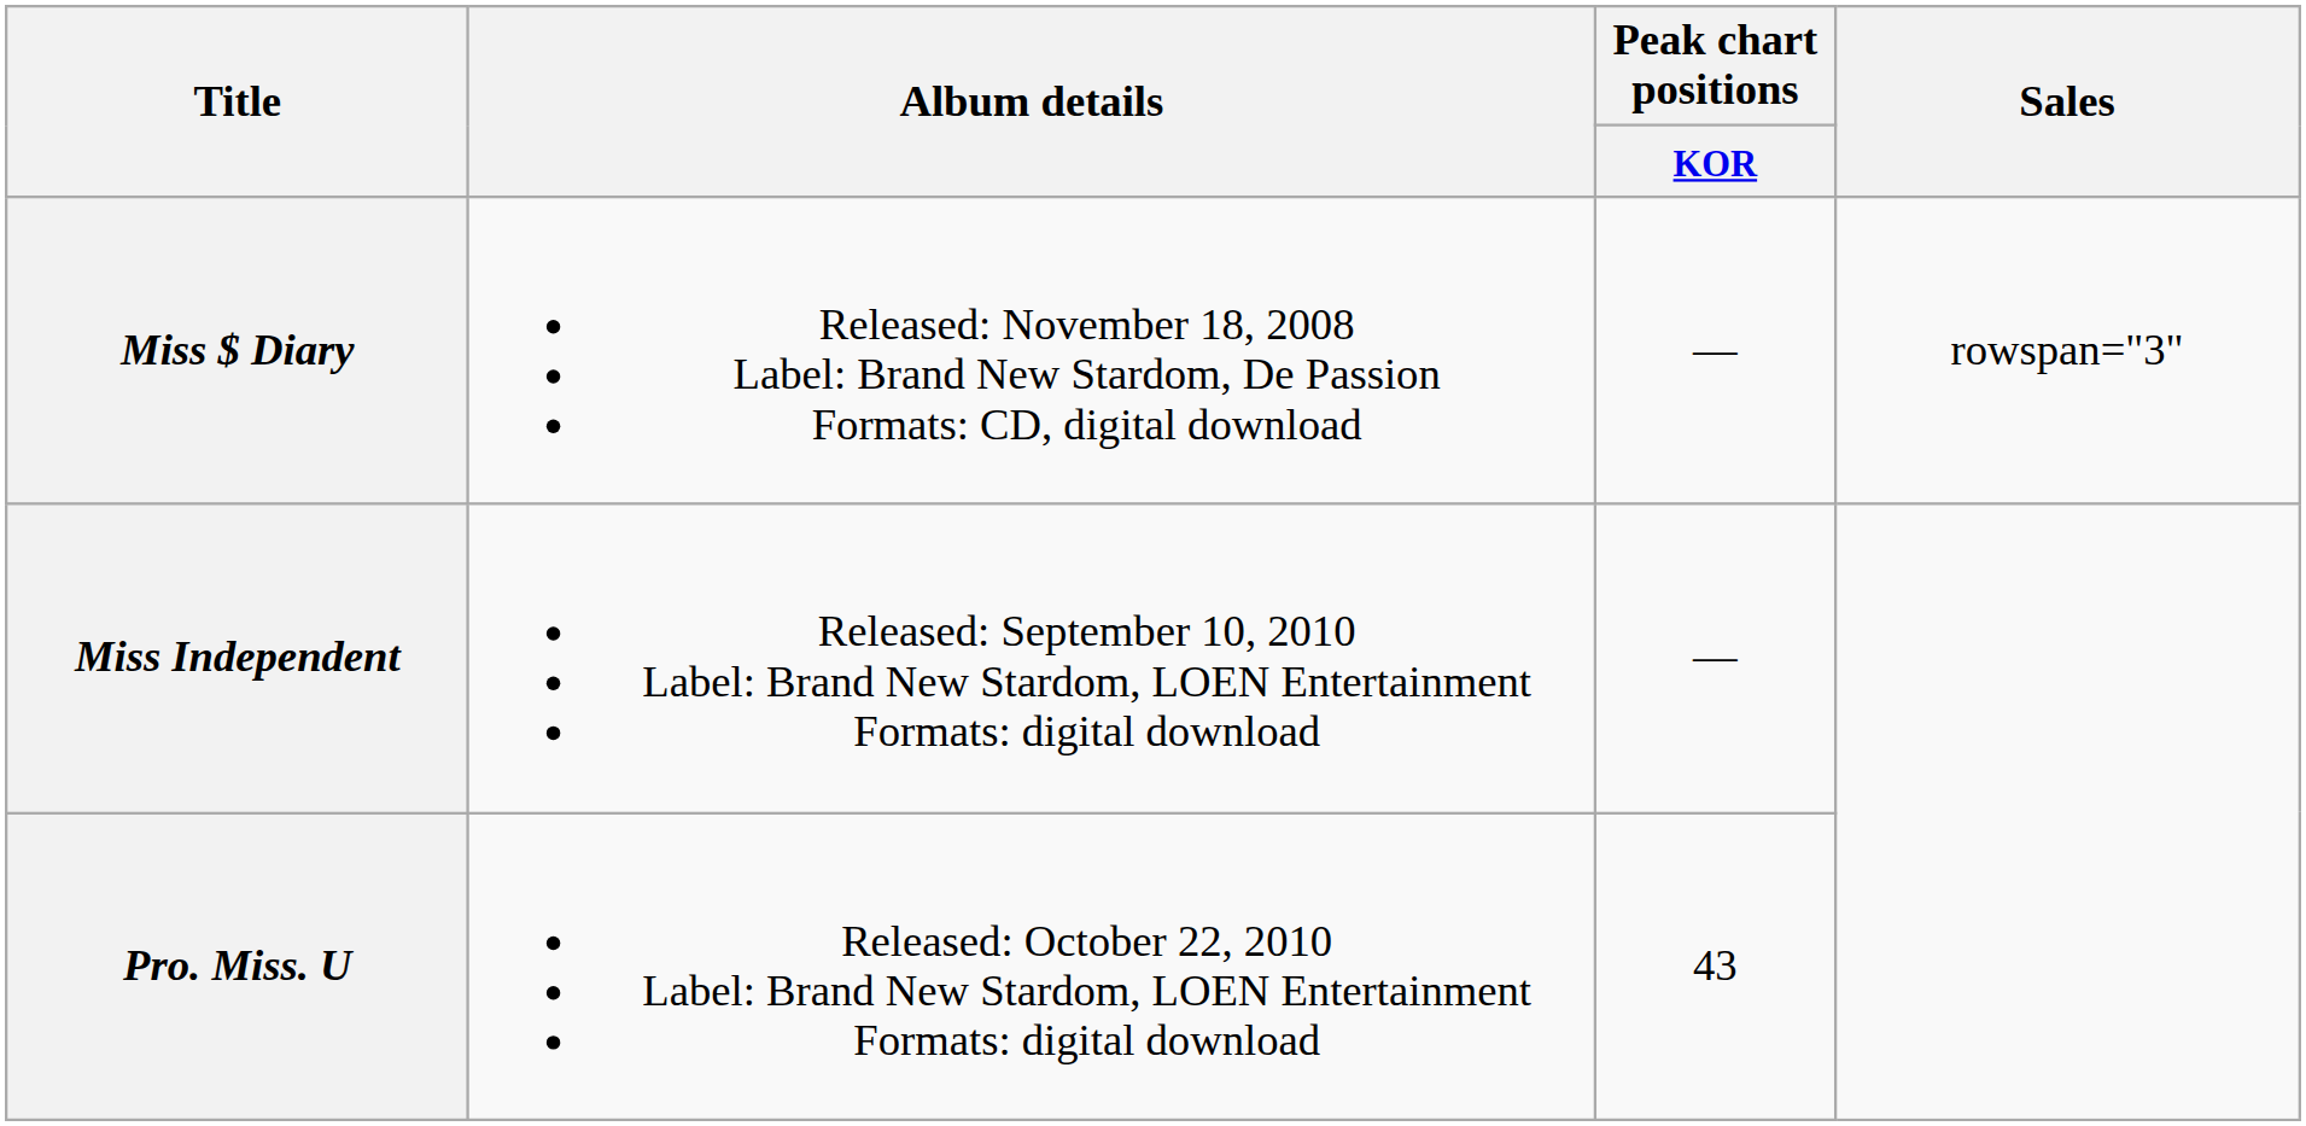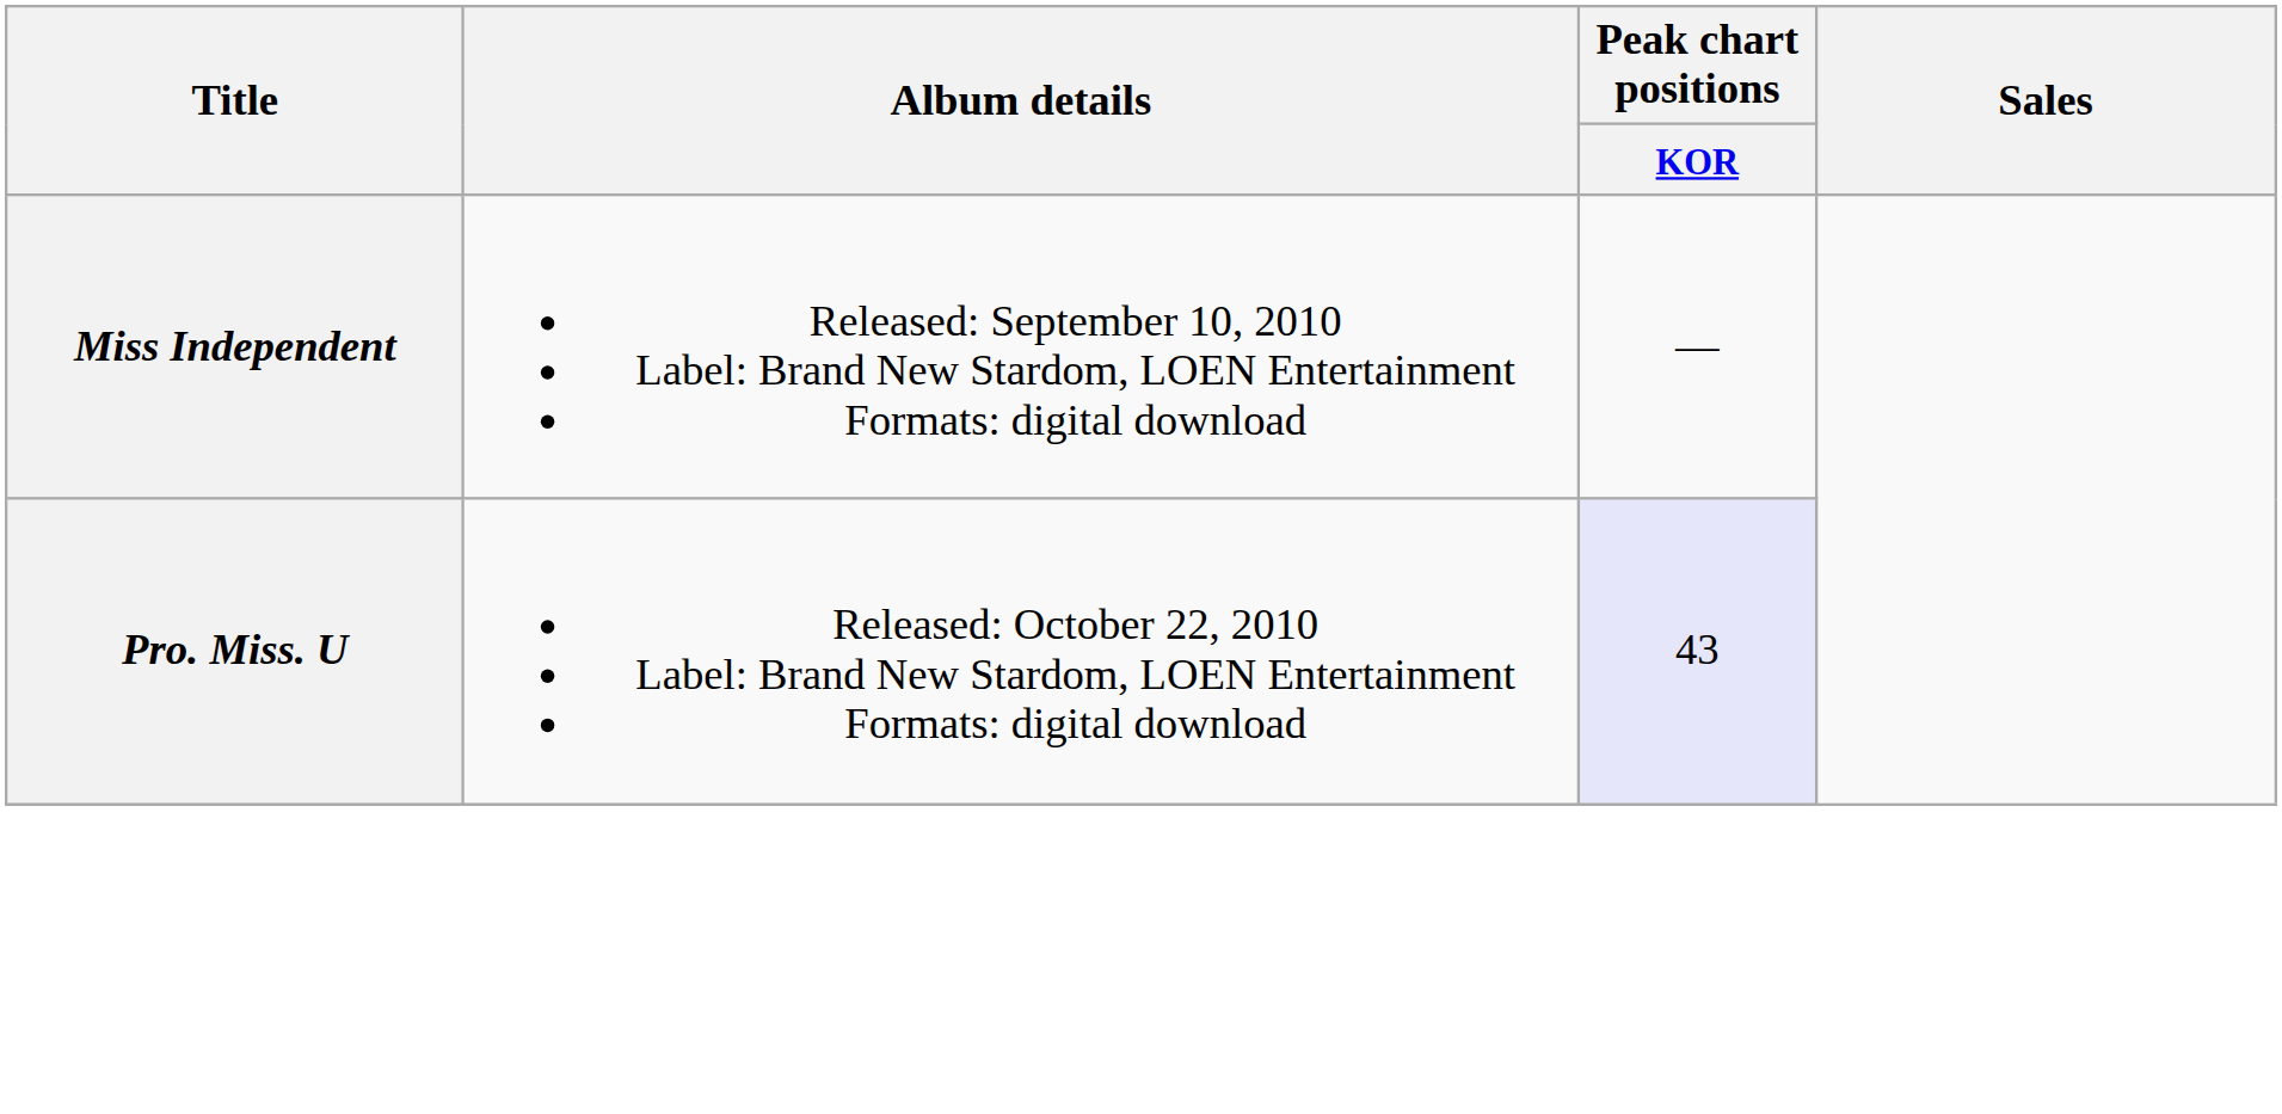 <table class="wikitable plainrowheaders" style="text-align:center;">
 <tr>
 <th scope="col" rowspan="2" style="width:10em;">Title</th>
 <th scope="col" rowspan="2" style="width:25em;">Album details</th>
 <th scope="col" colspan="1" style="width:5em;">Peak chart positions</th>
 <th scope="col" rowspan="2" style="width:10em;">Sales</th>
 </tr>
 <tr>
 <th><small><a href='#'>KOR</a></small><br></th>
 </tr>
 <tr>
-<th scope="row"><em>Miss $ Diary</em></th>
-<td><br><ul><li>Released: November 18, 2008</li><li>Label: Brand New Stardom, De Passion</li><li>Formats: CD, digital download</li></ul></td>
-<td>—</td>
-<td>rowspan="3" </td>
-</tr>
-<tr>
 <th scope="row"><em>Miss Independent</em></th>
 <td><br><ul><li>Released: September 10, 2010</li><li>Label: Brand New Stardom, LOEN Entertainment</li><li>Formats: digital download</li></ul></td>
 <td>—</td>
 </tr>
 <tr>
 <th scope="row"><em>Pro. Miss. U</em></th>
 <td><br><ul><li>Released: October 22, 2010</li><li>Label: Brand New Stardom, LOEN Entertainment</li><li>Formats: digital download</li></ul></td>
-<td>43</td>
+<td style="background: lavender;">43</td>
 </tr>
 <tr>
 </tr>
 </table>
